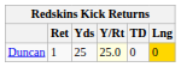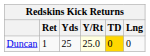 <table class="wikitable">
 <tr>
 <th colspan="6">Redskins Kick Returns</th>
 </tr>
 <tr>
 <th></th>
 <th>Ret</th>
 <th>Yds</th>
 <th>Y/Rt</th>
 <th>TD</th>
 <th>Lng</th>
 </tr>
 <tr>
 <td><a href='#'>Duncan</a></td>
 <td>1</td>
 <td>25</td>
 <td style="background: lightyellow;">25.0</td>
+<td style="background: gold;">0</td>
 <td>0</td>
-<td style="background: gold;">0</td>
 </tr>
 </table>
